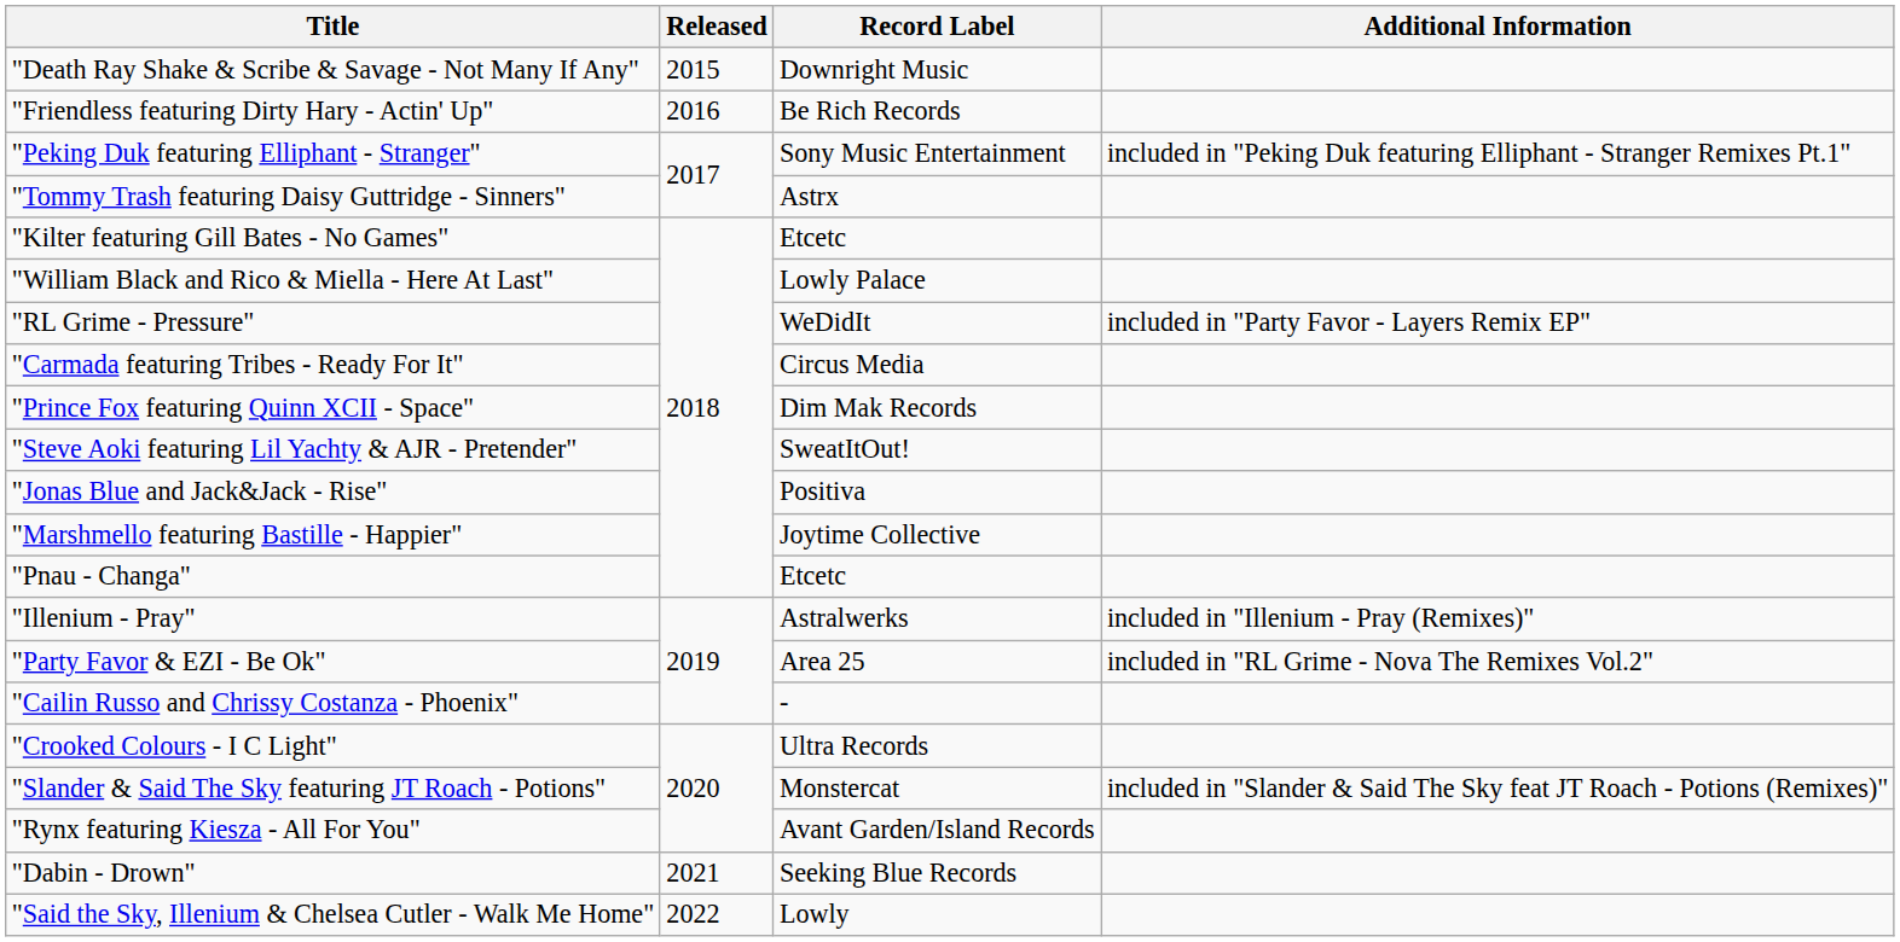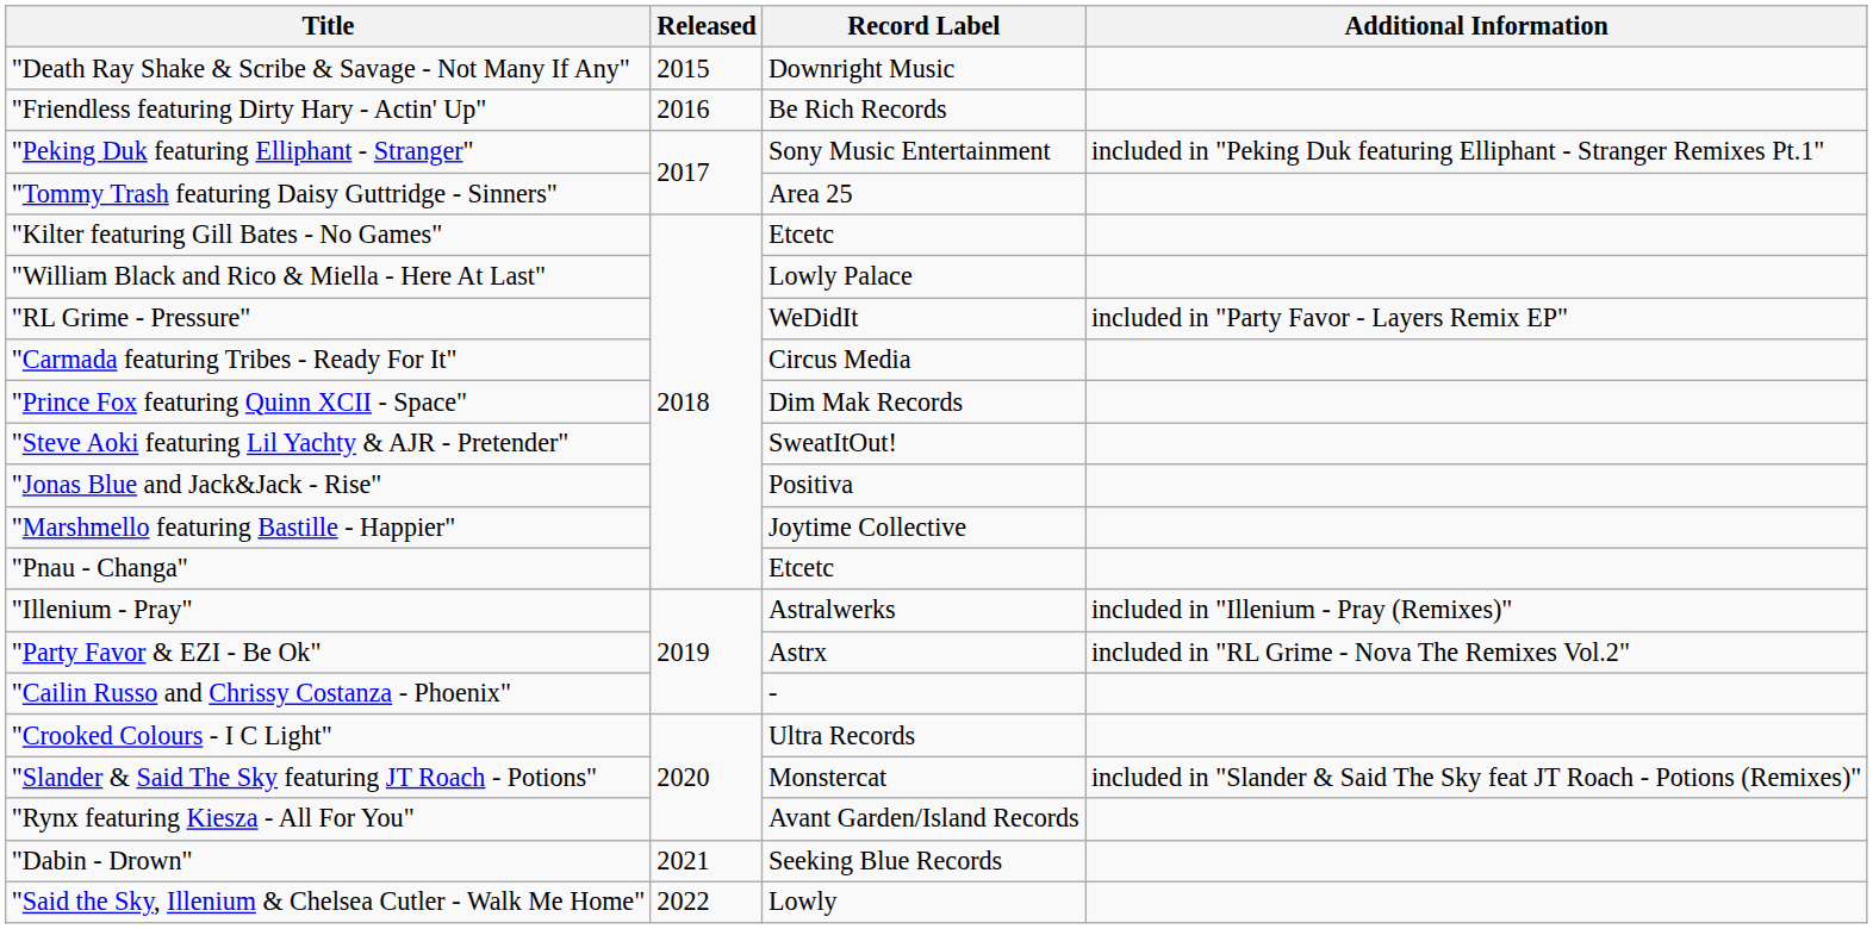 <table class="wikitable plainrowheaders">
 <tr>
 <th>Title</th>
 <th>Released</th>
 <th>Record Label</th>
 <th>Additional Information</th>
 </tr>
 <tr>
 <td>"Death Ray Shake & Scribe & Savage - Not Many If Any"</td>
 <td>2015</td>
 <td>Downright Music</td>
 <td></td>
 </tr>
 <tr>
 <td>"Friendless featuring Dirty Hary - Actin' Up"</td>
 <td>2016</td>
 <td>Be Rich Records</td>
 <td></td>
 </tr>
 <tr>
 <td>"<a href='#'>Peking Duk</a> featuring <a href='#'>Elliphant</a> - <a href='#'>Stranger</a>"</td>
 <td rowspan="2">2017</td>
 <td>Sony Music Entertainment</td>
 <td>included in "Peking Duk featuring Elliphant - Stranger Remixes Pt.1"</td>
 </tr>
 <tr>
 <td>"<a href='#'>Tommy Trash</a> featuring Daisy Guttridge - Sinners"</td>
-<td>Astrx</td>
+<td>Area 25</td>
 <td></td>
 </tr>
 <tr>
 <td>"Kilter featuring Gill Bates - No Games"</td>
 <td rowspan="9">2018</td>
 <td>Etcetc</td>
 <td></td>
 </tr>
 <tr>
 <td>"William Black and Rico & Miella - Here At Last"</td>
 <td>Lowly Palace</td>
 <td></td>
 </tr>
 <tr>
 <td>"RL Grime - Pressure"</td>
 <td>WeDidIt</td>
 <td>included in "Party Favor - Layers Remix EP"</td>
 </tr>
 <tr>
 <td>"<a href='#'>Carmada</a> featuring Tribes - Ready For It"</td>
 <td>Circus Media</td>
 <td></td>
 </tr>
 <tr>
 <td>"<a href='#'>Prince Fox</a> featuring <a href='#'>Quinn XCII</a> - Space"</td>
 <td>Dim Mak Records</td>
 <td></td>
 </tr>
 <tr>
 <td>"<a href='#'>Steve Aoki</a> featuring <a href='#'>Lil Yachty</a> & AJR - Pretender"</td>
 <td>SweatItOut!</td>
 <td></td>
 </tr>
 <tr>
 <td>"<a href='#'>Jonas Blue</a> and Jack&Jack - Rise"</td>
 <td>Positiva</td>
 <td></td>
 </tr>
 <tr>
 <td>"<a href='#'>Marshmello</a> featuring <a href='#'>Bastille</a> - Happier"</td>
 <td>Joytime Collective</td>
 <td></td>
 </tr>
 <tr>
 <td>"Pnau - Changa"</td>
 <td>Etcetc</td>
 <td></td>
 </tr>
 <tr>
 <td>"Illenium - Pray"</td>
 <td rowspan="3">2019</td>
 <td>Astralwerks</td>
 <td>included in "Illenium - Pray (Remixes)"</td>
 </tr>
 <tr>
 <td>"<a href='#'>Party Favor</a> & EZI - Be Ok"</td>
-<td>Area 25</td>
+<td>Astrx</td>
 <td>included in "RL Grime - Nova The Remixes Vol.2"</td>
 </tr>
 <tr>
 <td>"<a href='#'>Cailin Russo</a> and <a href='#'>Chrissy Costanza</a> - Phoenix"</td>
 <td>-</td>
 <td></td>
 </tr>
 <tr>
 <td>"<a href='#'>Crooked Colours</a> - I C Light"</td>
 <td rowspan="3">2020</td>
 <td>Ultra Records</td>
 <td></td>
 </tr>
 <tr>
 <td>"<a href='#'>Slander</a> & <a href='#'>Said The Sky</a> featuring <a href='#'>JT Roach</a> - Potions"</td>
 <td>Monstercat</td>
 <td>included in "Slander & Said The Sky feat JT Roach - Potions (Remixes)"</td>
 </tr>
 <tr>
 <td>"Rynx featuring <a href='#'>Kiesza</a> - All For You"</td>
 <td>Avant Garden/Island Records</td>
 <td></td>
 </tr>
 <tr>
 <td>"Dabin - Drown"</td>
 <td>2021</td>
 <td>Seeking Blue Records</td>
 <td></td>
 </tr>
 <tr>
 <td>"<a href='#'>Said the Sky</a>, <a href='#'>Illenium</a> & Chelsea Cutler - Walk Me Home"</td>
 <td>2022</td>
 <td>Lowly</td>
 <td></td>
 </tr>
 </table>
